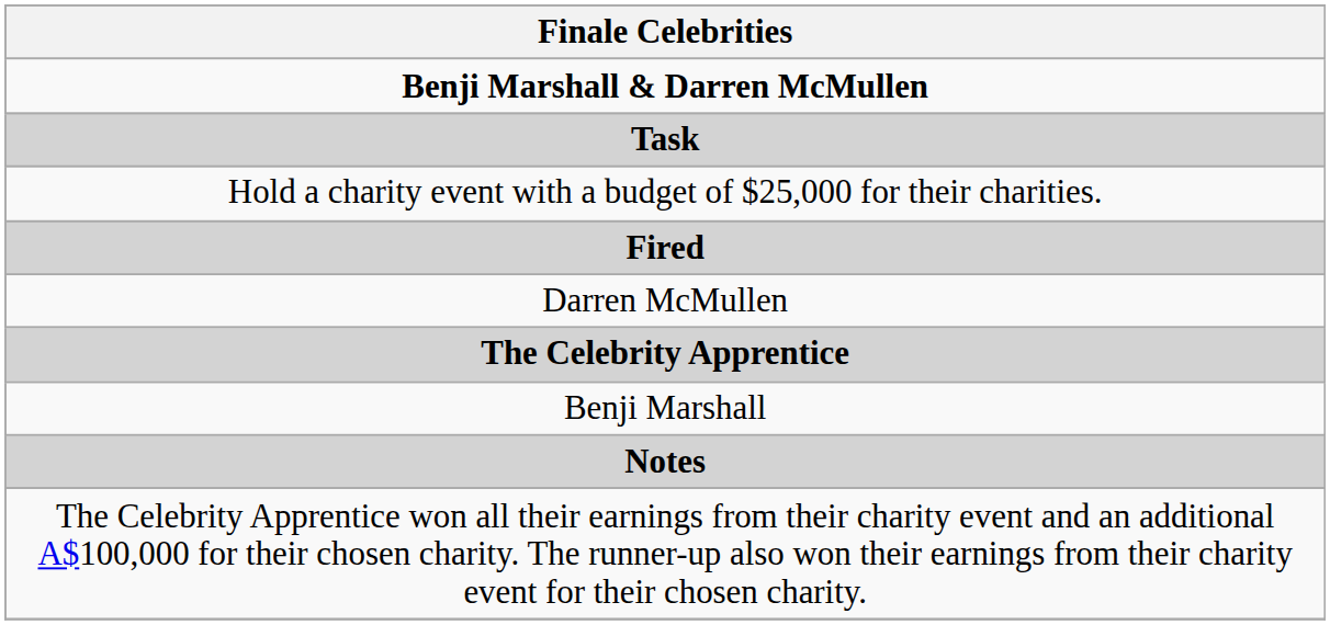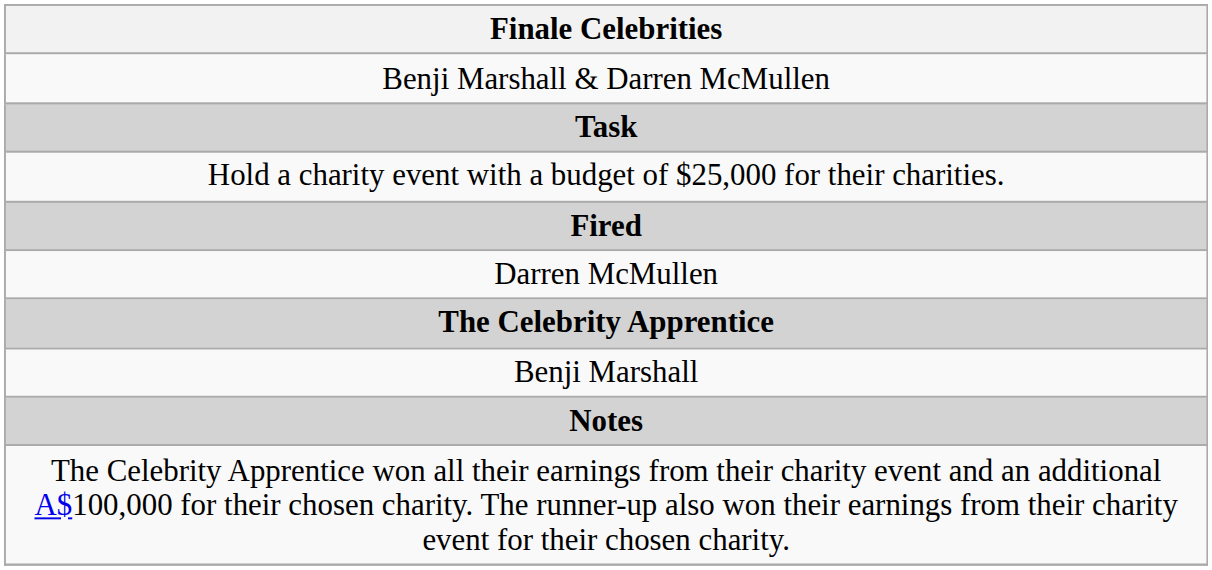 <table class="wikitable" style="text-align: center; width:100%">
 <tr>
 <th colspan=2>Finale Celebrities</th>
 </tr>
 <tr>
-<td><strong>Benji Marshall & Darren McMullen</strong></td>
+<td>Benji Marshall & Darren McMullen</td>
 </tr>
 <tr>
 <th colspan="2" style="text-align:center; background:lightgrey;">Task</th>
 </tr>
 <tr>
 <td colspan="2">Hold a charity event with a budget of $25,000 for their charities.</td>
 </tr>
 <tr>
 <th colspan="2" style="text-align:center; background:lightgrey;">Fired</th>
 </tr>
 <tr>
 <td colspan="2">Darren McMullen</td>
 </tr>
 <tr>
 <th colspan="2" style="text-align:center; background:lightgrey;">The Celebrity Apprentice</th>
 </tr>
 <tr>
 <td colspan="2">Benji Marshall</td>
 </tr>
 <tr>
 <th colspan="2" style="text-align:center; background:lightgrey;">Notes</th>
 </tr>
 <tr>
 <td colspan="2">The Celebrity Apprentice won all their earnings from their charity event and an additional <a href='#'>A$</a>100,000 for their chosen charity. The runner-up also won their earnings from their charity event for their chosen charity.</td>
 </tr>
 <tr>
 </tr>
 </table>
